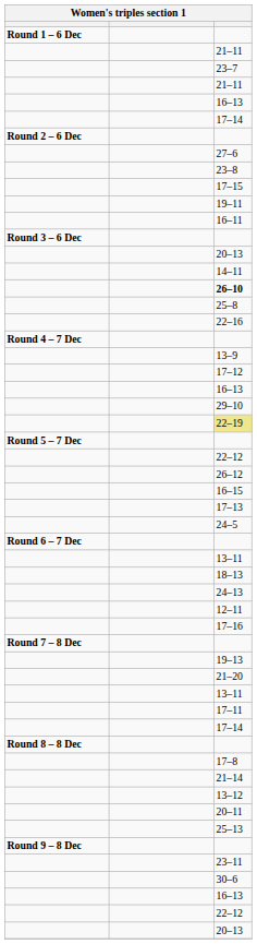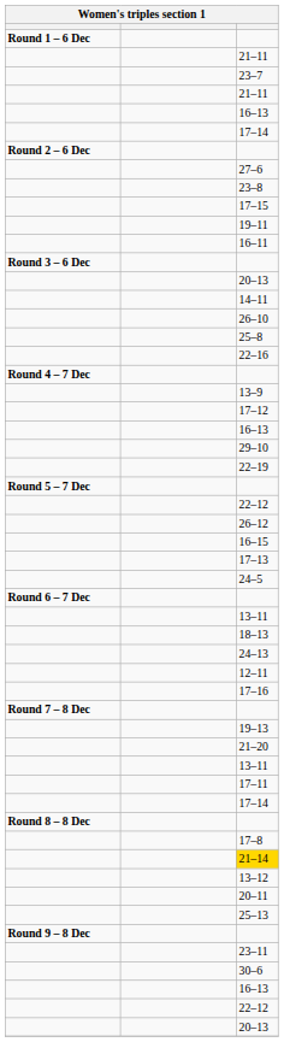 <table class="wikitable">
 <tr>
 <th colspan="3">Women's triples section 1</th>
 </tr>
 <tr>
 <th width=150></th>
 <th width=150></th>
 <th width=50></th>
 </tr>
 <tr>
 <td><strong>Round 1 – 6 Dec</strong></td>
 <td></td>
 <td></td>
 </tr>
 <tr>
 <td></td>
 <td></td>
 <td>21–11</td>
 </tr>
 <tr>
 <td></td>
 <td></td>
 <td>23–7</td>
 </tr>
 <tr>
 <td></td>
 <td></td>
 <td>21–11</td>
 </tr>
 <tr>
 <td></td>
 <td></td>
 <td>16–13</td>
 </tr>
 <tr>
 <td></td>
 <td></td>
 <td>17–14</td>
 </tr>
 <tr>
 <td><strong>Round 2 – 6 Dec</strong></td>
 <td></td>
 <td></td>
 </tr>
 <tr>
 <td></td>
 <td></td>
 <td>27–6</td>
 </tr>
 <tr>
 <td></td>
 <td></td>
 <td>23–8</td>
 </tr>
 <tr>
 <td></td>
 <td></td>
 <td>17–15</td>
 </tr>
 <tr>
 <td></td>
 <td></td>
 <td>19–11</td>
 </tr>
 <tr>
 <td></td>
 <td></td>
 <td>16–11</td>
 </tr>
 <tr>
 <td><strong>Round 3 – 6 Dec</strong></td>
 <td></td>
 <td></td>
 </tr>
 <tr>
 <td></td>
 <td></td>
 <td>20–13</td>
 </tr>
 <tr>
 <td></td>
 <td></td>
 <td>14–11</td>
 </tr>
 <tr>
 <td></td>
 <td></td>
-<td><strong>26–10</strong></td>
+<td>26–10</td>
 </tr>
 <tr>
 <td></td>
 <td></td>
 <td>25–8</td>
 </tr>
 <tr>
 <td></td>
 <td></td>
 <td>22–16</td>
 </tr>
 <tr>
 <td><strong>Round 4 – 7 Dec</strong></td>
 <td></td>
 <td></td>
 </tr>
 <tr>
 <td></td>
 <td></td>
 <td>13–9</td>
 </tr>
 <tr>
 <td></td>
 <td></td>
 <td>17–12</td>
 </tr>
 <tr>
 <td></td>
 <td></td>
 <td>16–13</td>
 </tr>
 <tr>
 <td></td>
 <td></td>
 <td>29–10</td>
 </tr>
 <tr>
 <td></td>
 <td></td>
-<td style="background: khaki;">22–19</td>
+<td>22–19</td>
 </tr>
 <tr>
 <td><strong>Round 5 – 7 Dec</strong></td>
 <td></td>
 <td></td>
 </tr>
 <tr>
 <td></td>
 <td></td>
 <td>22–12</td>
 </tr>
 <tr>
 <td></td>
 <td></td>
 <td>26–12</td>
 </tr>
 <tr>
 <td></td>
 <td></td>
 <td>16–15</td>
 </tr>
 <tr>
 <td></td>
 <td></td>
 <td>17–13</td>
 </tr>
 <tr>
 <td></td>
 <td></td>
 <td>24–5</td>
 </tr>
 <tr>
 <td><strong>Round 6  – 7 Dec </strong></td>
 <td></td>
 <td></td>
 </tr>
 <tr>
 <td></td>
 <td></td>
 <td>13–11</td>
 </tr>
 <tr>
 <td></td>
 <td></td>
 <td>18–13</td>
 </tr>
 <tr>
 <td></td>
 <td></td>
 <td>24–13</td>
 </tr>
 <tr>
 <td></td>
 <td></td>
 <td>12–11</td>
 </tr>
 <tr>
 <td></td>
 <td></td>
 <td>17–16</td>
 </tr>
 <tr>
 <td><strong>Round 7 – 8 Dec </strong></td>
 <td></td>
 <td></td>
 </tr>
 <tr>
 <td></td>
 <td></td>
 <td>19–13</td>
 </tr>
 <tr>
 <td></td>
 <td></td>
 <td>21–20</td>
 </tr>
 <tr>
 <td></td>
 <td></td>
 <td>13–11</td>
 </tr>
 <tr>
 <td></td>
 <td></td>
 <td>17–11</td>
 </tr>
 <tr>
 <td></td>
 <td></td>
 <td>17–14</td>
 </tr>
 <tr>
 <td><strong>Round 8 – 8 Dec</strong></td>
 <td></td>
 <td></td>
 </tr>
 <tr>
 <td></td>
 <td></td>
 <td>17–8</td>
 </tr>
 <tr>
 <td></td>
 <td></td>
-<td>21–14</td>
+<td style="background: gold;">21–14</td>
 </tr>
 <tr>
 <td></td>
 <td></td>
 <td>13–12</td>
 </tr>
 <tr>
 <td></td>
 <td></td>
 <td>20–11</td>
 </tr>
 <tr>
 <td></td>
 <td></td>
 <td>25–13</td>
 </tr>
 <tr>
 <td><strong>Round 9 – 8 Dec</strong></td>
 <td></td>
 <td></td>
 </tr>
 <tr>
 <td></td>
 <td></td>
 <td>23–11</td>
 </tr>
 <tr>
 <td></td>
 <td></td>
 <td>30–6</td>
 </tr>
 <tr>
 <td></td>
 <td></td>
 <td>16–13</td>
 </tr>
 <tr>
 <td></td>
 <td></td>
 <td>22–12</td>
 </tr>
 <tr>
 <td></td>
 <td></td>
 <td>20–13</td>
 </tr>
 <tr>
 </tr>
 </table>
